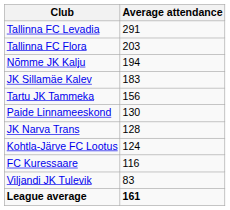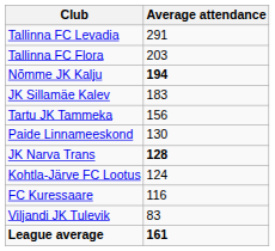 <table class="wikitable sortable">
 <tr>
 <th>Club</th>
 <th>Average attendance</th>
 </tr>
 <tr>
 <td><a href='#'>Tallinna FC Levadia</a></td>
 <td>291</td>
 </tr>
 <tr>
 <td><a href='#'>Tallinna FC Flora</a></td>
 <td>203</td>
 </tr>
 <tr>
 <td><a href='#'>Nõmme JK Kalju</a></td>
-<td>194</td>
+<td><strong>194</strong></td>
 </tr>
 <tr>
 <td><a href='#'>JK Sillamäe Kalev</a></td>
 <td>183</td>
 </tr>
 <tr>
 <td><a href='#'>Tartu JK Tammeka</a></td>
 <td>156</td>
 </tr>
 <tr>
 <td><a href='#'>Paide Linnameeskond</a></td>
 <td>130</td>
 </tr>
 <tr>
 <td><a href='#'>JK Narva Trans</a></td>
-<td>128</td>
+<td><strong>128</strong></td>
 </tr>
 <tr>
 <td><a href='#'>Kohtla-Järve FC Lootus</a></td>
 <td>124</td>
 </tr>
 <tr>
 <td><a href='#'>FC Kuressaare</a></td>
 <td>116</td>
 </tr>
 <tr>
 <td><a href='#'>Viljandi JK Tulevik</a></td>
 <td>83</td>
 </tr>
 <tr>
 <td><strong>League average</strong></td>
 <td><strong>161</strong></td>
 </tr>
 </table>
